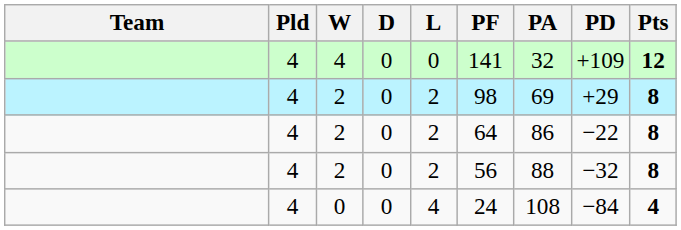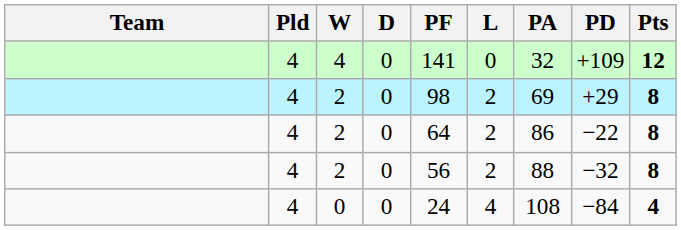 <table class="wikitable" style="text-align:center;">
 <tr>
 <th width=175>Team</th>
 <th width=25 abbr="Played">Pld</th>
 <th width=25 abbr="Won">W</th>
 <th width=25 abbr="Drawn">D</th>
+<th width=32 abbr="Points for">PF</th>
 <th width=25 abbr="Lost">L</th>
-<th width=32 abbr="Points for">PF</th>
 <th width=32 abbr="Points against">PA</th>
 <th width=32 abbr="Points difference">PD</th>
 <th width=25 abbr="Points">Pts</th>
 </tr>
 <tr bgcolor=#cfc>
 <td align="left"></td>
 <td>4</td>
 <td>4</td>
 <td>0</td>
+<td>141</td>
 <td>0</td>
-<td>141</td>
 <td>32</td>
 <td>+109</td>
 <td><strong>12</strong></td>
 </tr>
 <tr bgcolor=#BBF3FF>
 <td align="left"></td>
 <td>4</td>
 <td>2</td>
 <td>0</td>
+<td>98</td>
 <td>2</td>
-<td>98</td>
 <td>69</td>
 <td>+29</td>
 <td><strong>8</strong></td>
 </tr>
 <tr>
 <td align="left"></td>
 <td>4</td>
 <td>2</td>
 <td>0</td>
+<td>64</td>
 <td>2</td>
-<td>64</td>
 <td>86</td>
 <td>−22</td>
 <td><strong>8</strong></td>
 </tr>
 <tr>
 <td align="left"></td>
 <td>4</td>
 <td>2</td>
 <td>0</td>
+<td>56</td>
 <td>2</td>
-<td>56</td>
 <td>88</td>
 <td>−32</td>
 <td><strong>8</strong></td>
 </tr>
 <tr>
 <td align="left"></td>
 <td>4</td>
 <td>0</td>
 <td>0</td>
+<td>24</td>
 <td>4</td>
-<td>24</td>
 <td>108</td>
 <td>−84</td>
 <td><strong>4</strong></td>
 </tr>
 </table>
